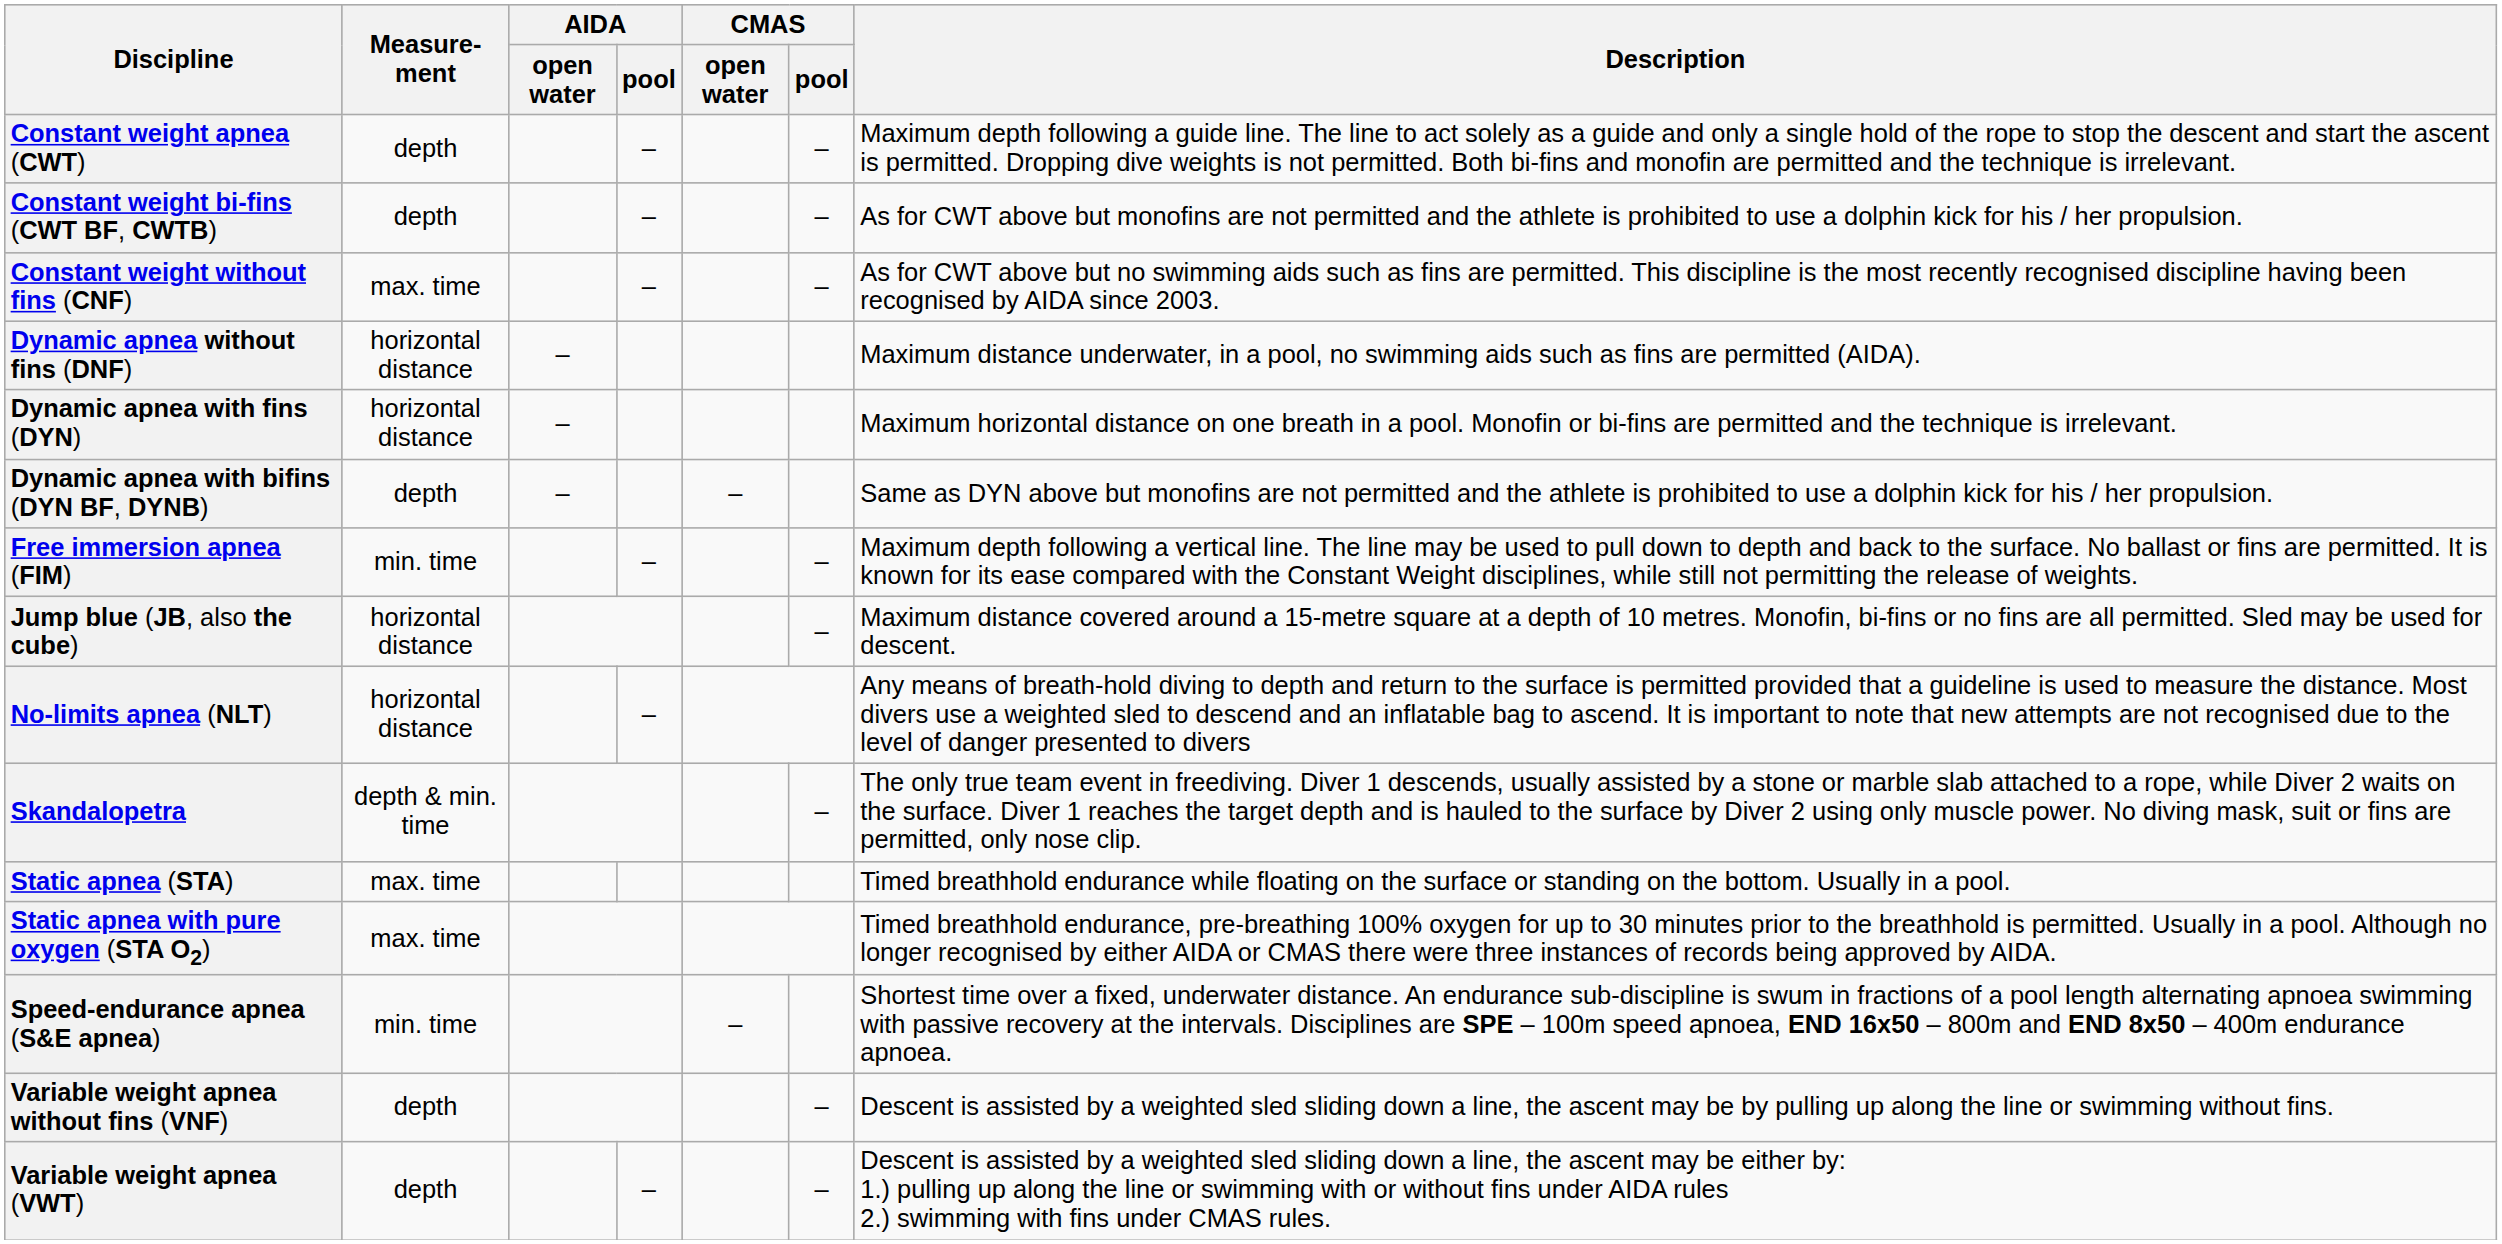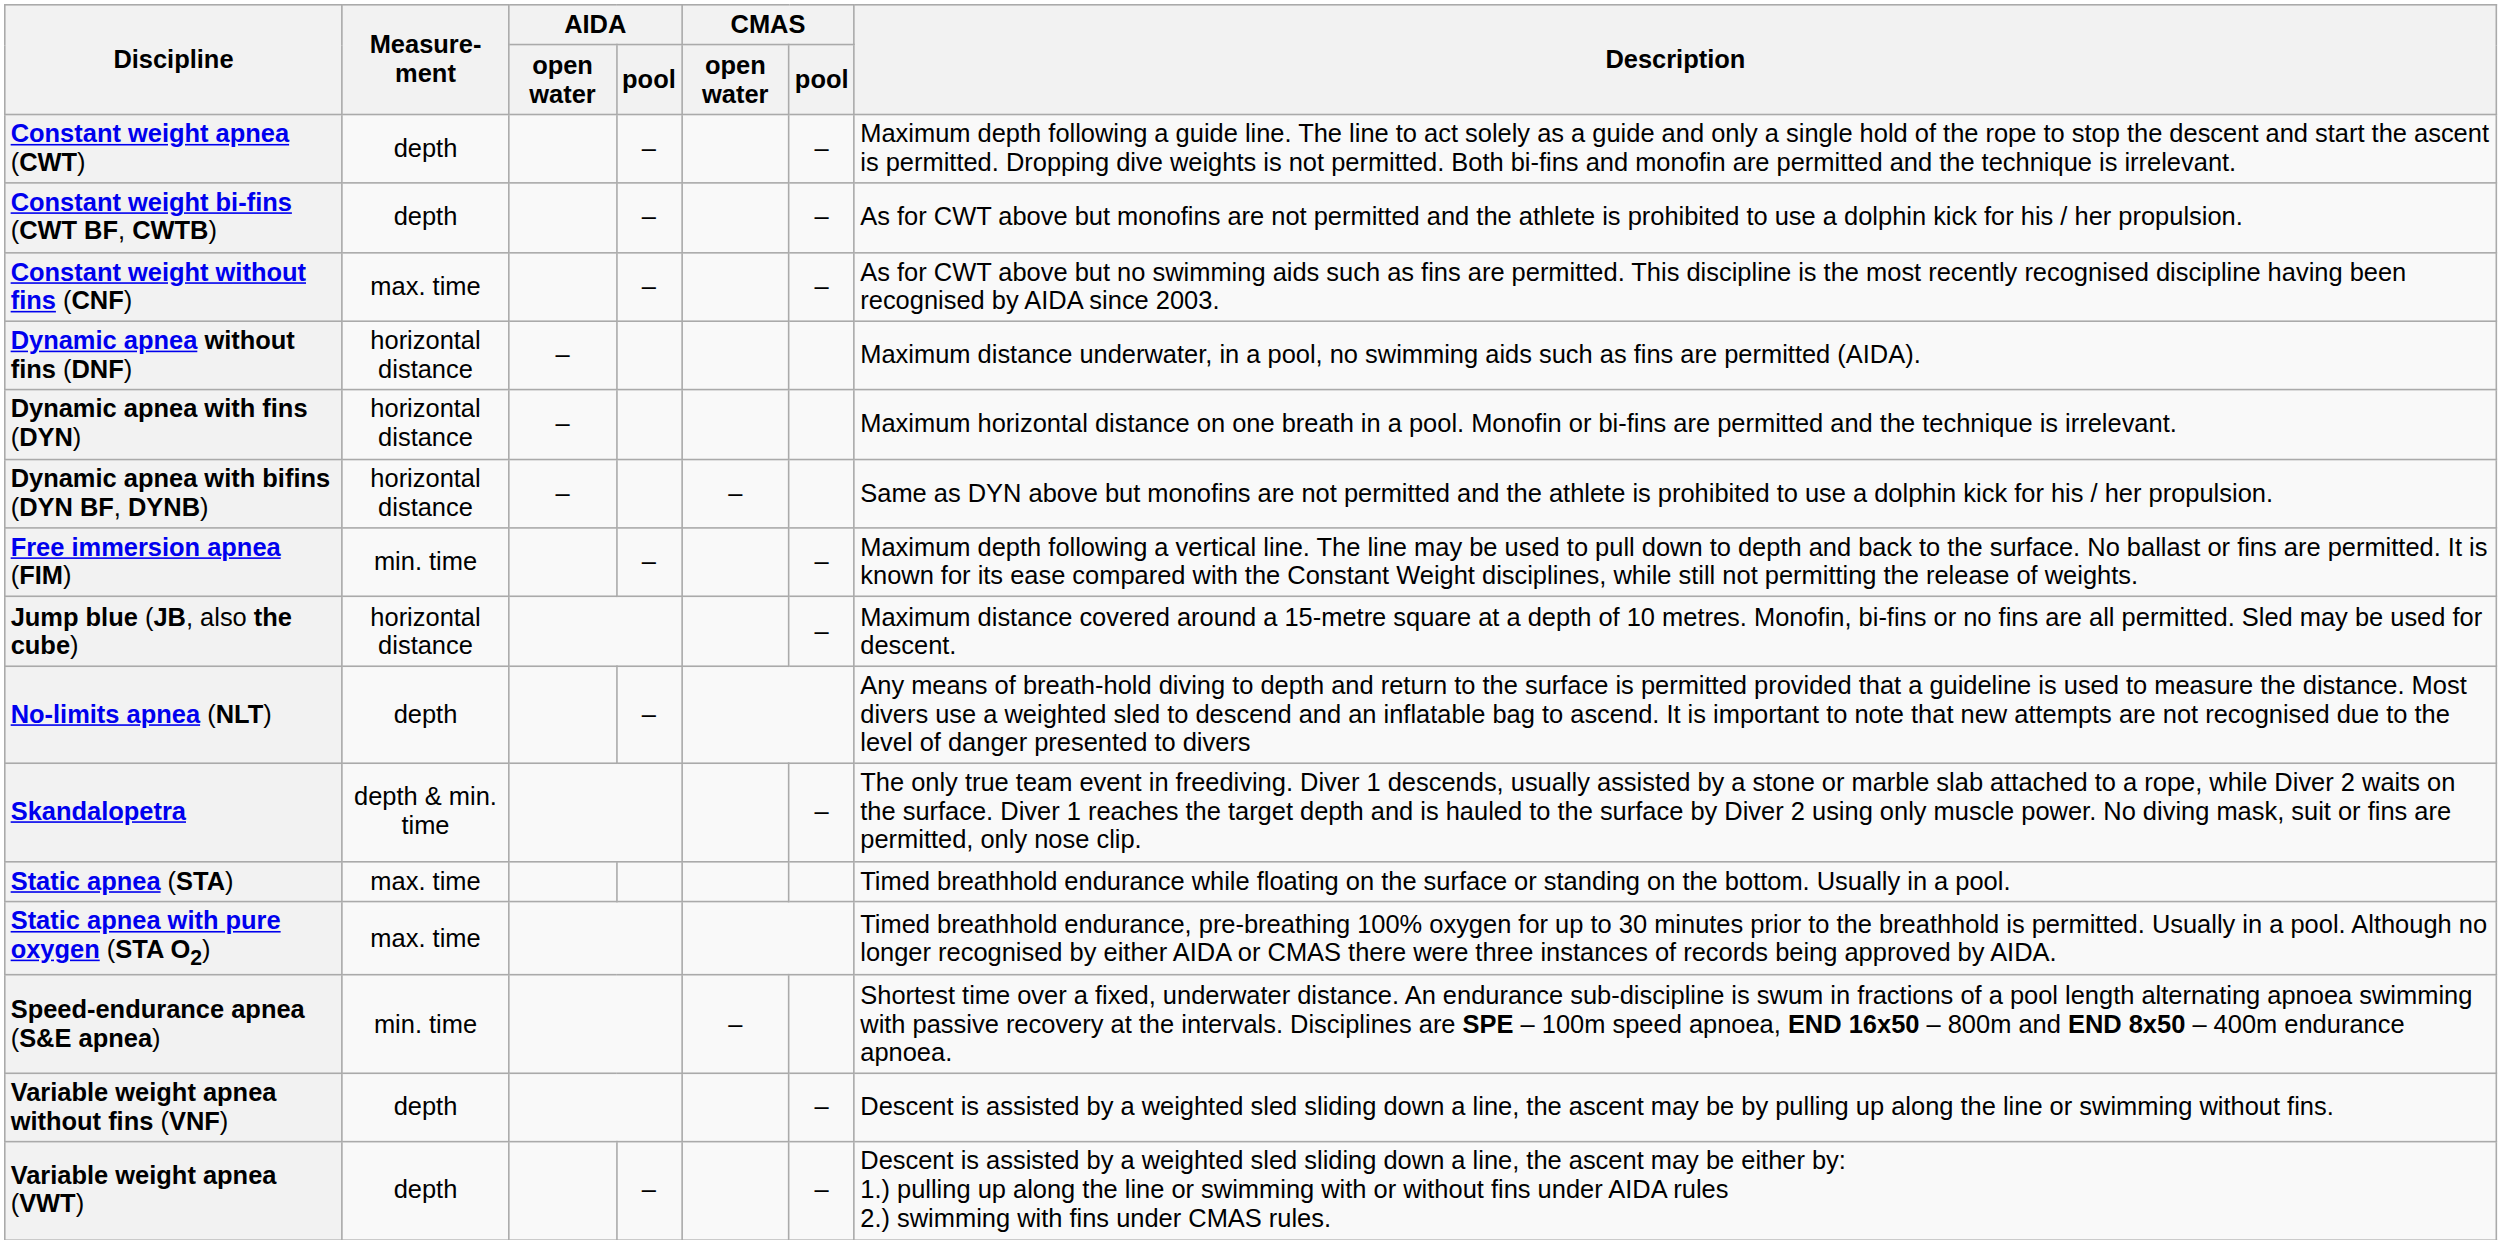 <table class="wikitable sortable" style="text-align:center">
 <tr>
 <th rowspan="2">Discipline</th>
 <th rowspan="2">Measure­ment</th>
 <th colspan="2">AIDA</th>
 <th colspan="2">CMAS</th>
 <th class="unsortable" rowspan="2">Description</th>
 </tr>
 <tr>
 <th>open water</th>
 <th>pool</th>
 <th>open water</th>
 <th>pool</th>
 </tr>
 <tr>
 <td align="left" bgcolor="#f2f2f2"><strong><a href='#'>Constant weight apnea</a></strong> (<strong>CWT</strong>)</td>
 <td>depth</td>
 <td></td>
 <td>–</td>
 <td></td>
 <td>–</td>
 <td align="left">Maximum depth following a guide line. The line to act solely as a guide and only a single hold of the rope to stop the descent and start the ascent is permitted. Dropping dive weights is not permitted. Both bi-fins and monofin are permitted and the technique is irrelevant.</td>
 </tr>
 <tr>
 <td align="left" bgcolor="#f2f2f2"><strong><a href='#'>Constant weight bi-fins</a></strong> (<strong>CWT BF</strong>, <strong>CWTB</strong>)</td>
 <td>depth</td>
 <td></td>
 <td>–</td>
 <td></td>
 <td>–</td>
 <td align="left">As for CWT above but monofins are not permitted and the athlete is prohibited to use a dolphin kick for his / her propulsion.</td>
 </tr>
 <tr>
 <td align="left" bgcolor="#f2f2f2"><strong><a href='#'>Constant weight without fins</a></strong> (<strong>CNF</strong>)</td>
 <td>max. time</td>
 <td></td>
 <td>–</td>
 <td></td>
 <td>–</td>
 <td align="left">As for CWT above but no swimming aids such as fins are permitted. This discipline is the most recently recognised discipline having been recognised by AIDA since 2003.</td>
 </tr>
 <tr>
 <td align="left" bgcolor="#f2f2f2"><strong><a href='#'>Dynamic apnea</a> without fins</strong> (<strong>DNF</strong>)</td>
 <td>horizontal distance</td>
 <td>–</td>
 <td></td>
 <td></td>
 <td></td>
 <td align="left">Maximum distance underwater, in a pool, no swimming aids such as fins are permitted (AIDA).</td>
 </tr>
 <tr>
 <td align="left" bgcolor="#f2f2f2"><strong>Dynamic apnea with fins</strong> (<strong>DYN</strong>)</td>
 <td>horizontal distance</td>
 <td>–</td>
 <td></td>
 <td></td>
 <td></td>
 <td align="left">Maximum horizontal distance on one breath in a pool. Monofin or bi-fins are permitted and the technique is irrelevant.</td>
 </tr>
 <tr>
 <td align="left" bgcolor="#f2f2f2"><strong>Dynamic apnea with bifins</strong> (<strong>DYN BF</strong>, <strong>DYNB</strong>)</td>
-<td>depth</td>
+<td>horizontal distance</td>
 <td>–</td>
 <td></td>
 <td>–</td>
 <td></td>
 <td align="left">Same as DYN above but monofins are not permitted and the athlete is prohibited to use a dolphin kick for his / her propulsion.</td>
 </tr>
 <tr>
 <td align="left" bgcolor="#f2f2f2"><strong><a href='#'>Free immersion apnea</a></strong> (<strong>FIM</strong>)</td>
 <td>min. time</td>
 <td></td>
 <td>–</td>
 <td></td>
 <td>–</td>
 <td align="left">Maximum depth following a vertical line. The line may be used to pull down to depth and back to the surface. No ballast or fins are permitted. It is known for its ease compared with the Constant Weight disciplines, while still not permitting the release of weights.</td>
 </tr>
 <tr>
 <td align="left" bgcolor="#f2f2f2"><strong>Jump blue</strong> (<strong>JB</strong>, also <strong>the cube</strong>)</td>
 <td>horizontal distance</td>
 <td colspan="2"></td>
 <td></td>
 <td>–</td>
 <td align="left">Maximum distance covered around a 15-metre square at a depth of 10 metres. Monofin, bi-fins or no fins are all permitted. Sled may be used for descent.</td>
 </tr>
 <tr>
 <td align="left" bgcolor="#f2f2f2"><strong><a href='#'>No-limits apnea</a></strong> (<strong>NLT</strong>)</td>
-<td>horizontal distance</td>
+<td>depth</td>
 <td></td>
 <td>–</td>
 <td colspan="2"></td>
 <td align="left">Any means of breath-hold diving to depth and return to the surface is permitted provided that a guideline is used to measure the distance. Most divers use a weighted sled to descend and an inflatable bag to ascend. It is important to note that new attempts are not recognised due to the level of danger presented to divers</td>
 </tr>
 <tr>
 <td align="left" bgcolor="#f2f2f2"><strong><a href='#'>Skandalopetra</a></strong></td>
 <td>depth & min. time</td>
 <td colspan="2"></td>
 <td></td>
 <td>–</td>
 <td align="left">The only true team event in freediving. Diver 1 descends, usually assisted by a stone or marble slab attached to a rope, while Diver 2 waits on the surface. Diver 1 reaches the target depth and is hauled to the surface by Diver 2 using only muscle power. No diving mask, suit or fins are permitted, only nose clip.</td>
 </tr>
 <tr>
 <td align="left" bgcolor="#f2f2f2"><strong><a href='#'>Static apnea</a></strong> (<strong>STA</strong>)</td>
 <td>max. time</td>
 <td></td>
 <td></td>
 <td></td>
 <td></td>
 <td align="left">Timed breathhold endurance while floating on the surface or standing on the bottom. Usually in a pool.</td>
 </tr>
 <tr>
 <td align="left" bgcolor="#f2f2f2"><strong><a href='#'>Static apnea with pure oxygen</a></strong> (<strong>STA O<sub>2</sub></strong>)</td>
 <td>max. time</td>
 <td colspan="2"></td>
 <td colspan="2"></td>
 <td align="left">Timed breathhold endurance,  pre-breathing 100% oxygen for up to 30 minutes prior to the breathhold is permitted. Usually in a pool. Although no longer recognised by either AIDA or CMAS there were three instances of records being approved by AIDA.</td>
 </tr>
 <tr>
 <td align="left" bgcolor="#f2f2f2"><strong>Speed-endurance apnea</strong> (<strong>S&E apnea</strong>)</td>
 <td>min. time</td>
 <td colspan="2"></td>
 <td>–</td>
 <td></td>
 <td align="left">Shortest time over a fixed, underwater distance. An endurance sub-discipline is swum in fractions of a pool length alternating apnoea swimming with passive recovery at the intervals. Disciplines are <strong>SPE</strong> – 100m speed apnoea, <strong>END 16x50</strong> – 800m and <strong>END 8x50</strong> – 400m endurance apnoea.</td>
 </tr>
 <tr>
 <td align="left" bgcolor="#f2f2f2"><strong>Variable weight apnea without fins</strong> (<strong>VNF</strong>)</td>
 <td>depth</td>
 <td colspan="2"></td>
 <td></td>
 <td>–</td>
 <td align="left">Descent is assisted by a weighted sled sliding down a line, the ascent may be by pulling up along the line or swimming without fins.</td>
 </tr>
 <tr>
 <td align="left" bgcolor="#f2f2f2"><strong>Variable weight apnea</strong> (<strong>VWT</strong>)</td>
 <td>depth</td>
 <td></td>
 <td>–</td>
 <td></td>
 <td>–</td>
 <td align="left">Descent is assisted by a weighted sled sliding down a line, the ascent may be either by:<br>1.) pulling up along the line or swimming with or without fins under AIDA rules<br>2.) swimming with fins under CMAS rules.</td>
 </tr>
 </table>
